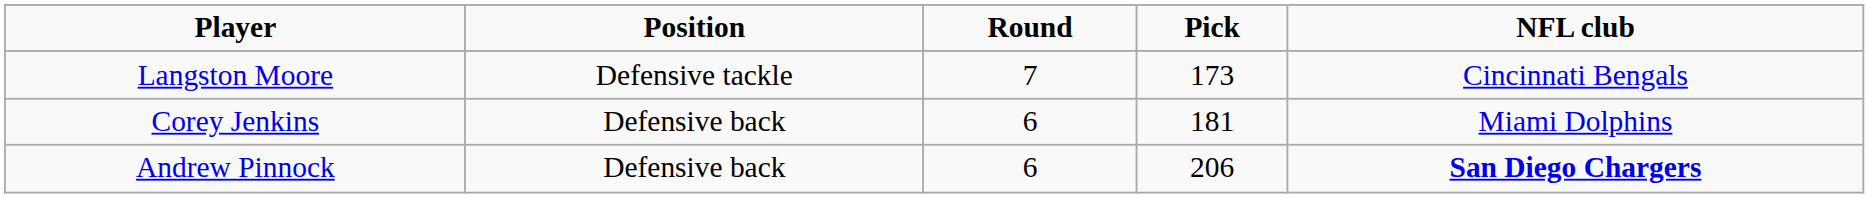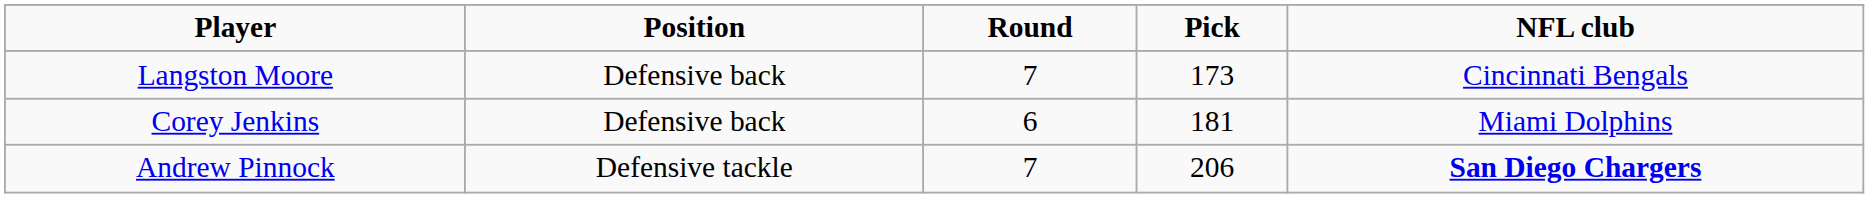 <table class="wikitable" width="80%">
 <tr align="center">
 <td><strong>Player</strong></td>
 <td><strong>Position</strong></td>
 <td><strong>Round</strong></td>
 <td><strong>Pick</strong></td>
 <td><strong>NFL club</strong></td>
 </tr>
 <tr align="center" bgcolor="">
 <td><a href='#'>Langston Moore</a></td>
-<td>Defensive tackle</td>
+<td>Defensive back</td>
 <td>7</td>
 <td>173</td>
 <td><a href='#'>Cincinnati Bengals</a></td>
 </tr>
 <tr align="center" bgcolor="">
 <td><a href='#'>Corey Jenkins</a></td>
 <td>Defensive back</td>
 <td>6</td>
 <td>181</td>
 <td><a href='#'>Miami Dolphins</a></td>
 </tr>
 <tr align="center" bgcolor="">
 <td><a href='#'>Andrew Pinnock</a></td>
-<td>Defensive back</td>
-<td>6</td>
+<td>Defensive tackle</td>
+<td>7</td>
 <td>206</td>
 <td><strong><a href='#'>San Diego Chargers</a></strong></td>
 </tr>
 </table>
